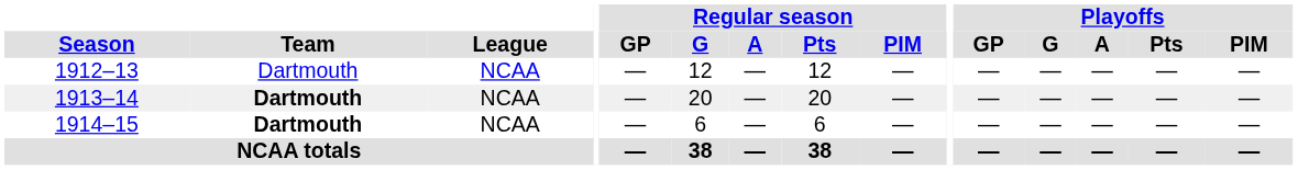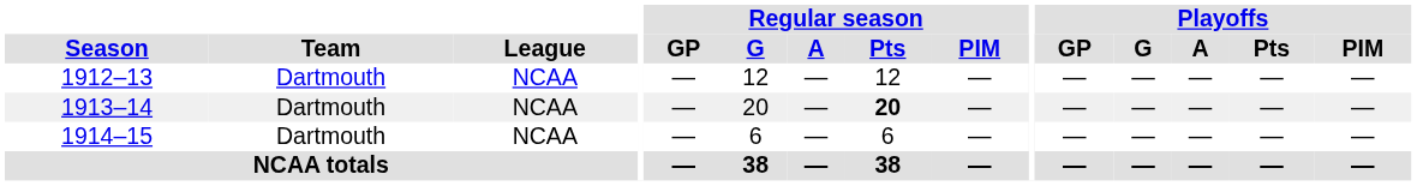 <table border="0" cellpadding="1" cellspacing="0" style="text-align:center; width:60em">
 <tr bgcolor="#e0e0e0">
 <th colspan="3" bgcolor="#ffffff"></th>
 <th rowspan="99" bgcolor="#ffffff"></th>
 <th colspan="5"><a href='#'>Regular season</a></th>
 <th rowspan="99" bgcolor="#ffffff"></th>
 <th colspan="5"><a href='#'>Playoffs</a></th>
 </tr>
 <tr bgcolor="#e0e0e0">
 <th><a href='#'>Season</a></th>
 <th>Team</th>
 <th>League</th>
 <th>GP</th>
 <th><a href='#'>G</a></th>
 <th><a href='#'>A</a></th>
 <th><a href='#'>Pts</a></th>
 <th><a href='#'>PIM</a></th>
 <th>GP</th>
 <th>G</th>
 <th>A</th>
 <th>Pts</th>
 <th>PIM</th>
 </tr>
 <tr>
 <td><a href='#'>1912–13</a></td>
 <td><a href='#'>Dartmouth</a></td>
 <td><a href='#'>NCAA</a></td>
 <td>—</td>
 <td>12</td>
 <td>—</td>
 <td>12</td>
 <td>—</td>
 <td>—</td>
 <td>—</td>
 <td>—</td>
 <td>—</td>
 <td>—</td>
 </tr>
 <tr bgcolor="#f0f0f0">
 <td><a href='#'>1913–14</a></td>
-<td><strong>Dartmouth</strong></td>
+<td>Dartmouth</td>
 <td>NCAA</td>
 <td>—</td>
 <td>20</td>
 <td>—</td>
-<td>20</td>
+<td><strong>20</strong></td>
 <td>—</td>
 <td>—</td>
 <td>—</td>
 <td>—</td>
 <td>—</td>
 <td>—</td>
 </tr>
 <tr>
 <td><a href='#'>1914–15</a></td>
-<td><strong>Dartmouth</strong></td>
+<td>Dartmouth</td>
 <td>NCAA</td>
 <td>—</td>
 <td>6</td>
 <td>—</td>
 <td>6</td>
 <td>—</td>
 <td>—</td>
 <td>—</td>
 <td>—</td>
 <td>—</td>
 <td>—</td>
 </tr>
 <tr bgcolor="#e0e0e0">
 <th colspan="3">NCAA totals</th>
 <th>—</th>
 <th>38</th>
 <th>—</th>
 <th>38</th>
 <th>—</th>
 <th>—</th>
 <th>—</th>
 <th>—</th>
 <th>—</th>
 <th>—</th>
 </tr>
 </table>
